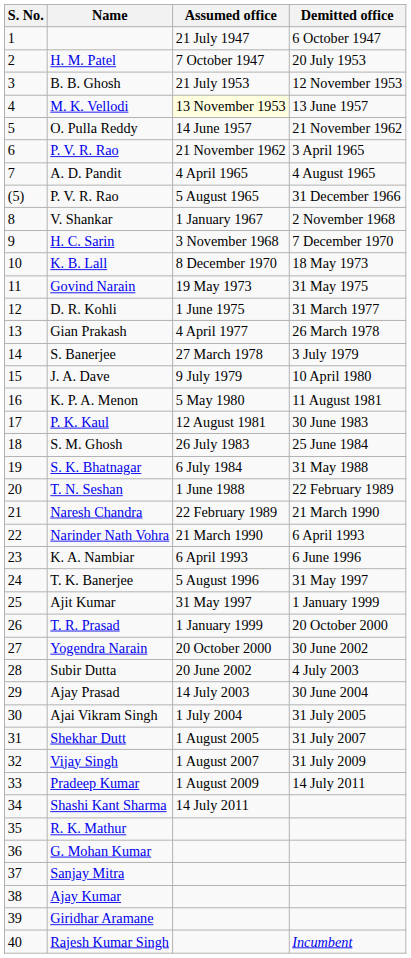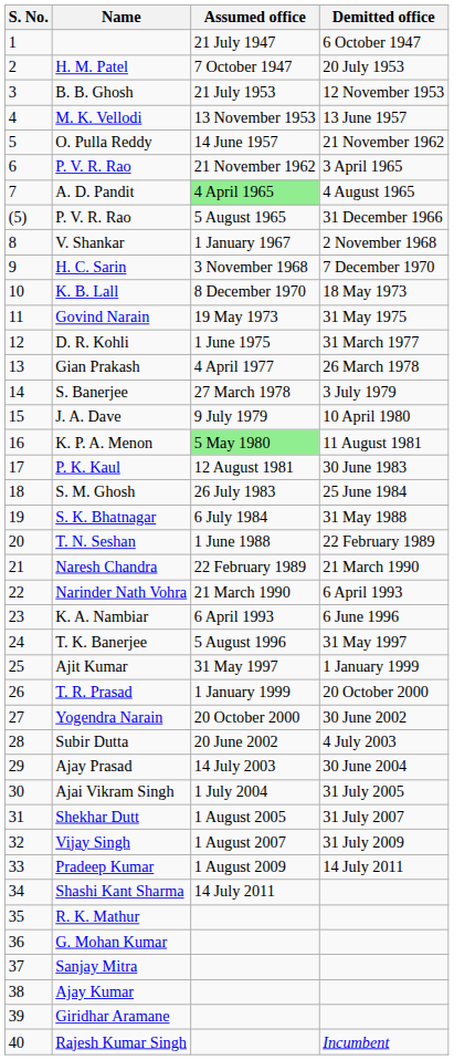 <table class="wikitable sortable mw-collapsible">
 <tr>
 <th>S. No.</th>
 <th>Name</th>
 <th>Assumed office</th>
 <th>Demitted office</th>
 </tr>
 <tr>
 <td>1</td>
 <td></td>
 <td>21 July 1947</td>
 <td>6 October 1947</td>
 </tr>
 <tr>
 <td>2</td>
 <td><a href='#'>H. M. Patel</a></td>
 <td>7 October 1947</td>
 <td>20 July 1953</td>
 </tr>
 <tr>
 <td>3</td>
 <td>B. B. Ghosh</td>
 <td>21 July 1953</td>
 <td>12 November 1953</td>
 </tr>
 <tr>
 <td>4</td>
 <td><a href='#'>M. K. Vellodi</a></td>
-<td style="background: lightyellow;">13 November 1953</td>
+<td>13 November 1953</td>
 <td>13 June 1957</td>
 </tr>
 <tr>
 <td>5</td>
 <td>O. Pulla Reddy</td>
 <td>14 June 1957</td>
 <td>21 November 1962</td>
 </tr>
 <tr>
 <td>6</td>
 <td><a href='#'>P. V. R. Rao</a></td>
 <td>21 November 1962</td>
 <td>3 April 1965</td>
 </tr>
 <tr>
 <td>7</td>
 <td>A. D. Pandit</td>
-<td>4 April 1965</td>
+<td style="background: lightgreen;">4 April 1965</td>
 <td>4 August 1965</td>
 </tr>
 <tr>
 <td>(5)</td>
 <td>P. V. R. Rao</td>
 <td>5 August 1965</td>
 <td>31 December 1966</td>
 </tr>
 <tr>
 <td>8</td>
 <td>V. Shankar</td>
 <td>1 January 1967</td>
 <td>2 November 1968</td>
 </tr>
 <tr>
 <td>9</td>
 <td><a href='#'>H. C. Sarin</a></td>
 <td>3 November 1968</td>
 <td>7 December 1970</td>
 </tr>
 <tr>
 <td>10</td>
 <td><a href='#'>K. B. Lall</a></td>
 <td>8 December 1970</td>
 <td>18 May 1973</td>
 </tr>
 <tr>
 <td>11</td>
 <td><a href='#'>Govind Narain</a></td>
 <td>19 May 1973</td>
 <td>31 May 1975</td>
 </tr>
 <tr>
 <td>12</td>
 <td>D. R. Kohli</td>
 <td>1 June 1975</td>
 <td>31 March 1977</td>
 </tr>
 <tr>
 <td>13</td>
 <td>Gian Prakash</td>
 <td>4 April 1977</td>
 <td>26 March 1978</td>
 </tr>
 <tr>
 <td>14</td>
 <td>S. Banerjee</td>
 <td>27 March 1978</td>
 <td>3 July 1979</td>
 </tr>
 <tr>
 <td>15</td>
 <td>J. A. Dave</td>
 <td>9 July 1979</td>
 <td>10 April 1980</td>
 </tr>
 <tr>
 <td>16</td>
 <td>K. P. A. Menon</td>
-<td>5 May 1980</td>
+<td style="background: lightgreen;">5 May 1980</td>
 <td>11 August 1981</td>
 </tr>
 <tr>
 <td>17</td>
 <td><a href='#'>P. K. Kaul</a></td>
 <td>12 August 1981</td>
 <td>30 June 1983</td>
 </tr>
 <tr>
 <td>18</td>
 <td>S. M. Ghosh</td>
 <td>26 July 1983</td>
 <td>25 June 1984</td>
 </tr>
 <tr>
 <td>19</td>
 <td><a href='#'>S. K. Bhatnagar</a></td>
 <td>6 July 1984</td>
 <td>31 May 1988</td>
 </tr>
 <tr>
 <td>20</td>
 <td><a href='#'>T. N. Seshan</a></td>
 <td>1 June 1988</td>
 <td>22 February 1989</td>
 </tr>
 <tr>
 <td>21</td>
 <td><a href='#'>Naresh Chandra</a></td>
 <td>22 February 1989</td>
 <td>21 March 1990</td>
 </tr>
 <tr>
 <td>22</td>
 <td><a href='#'>Narinder Nath Vohra</a></td>
 <td>21 March 1990</td>
 <td>6 April 1993</td>
 </tr>
 <tr>
 <td>23</td>
 <td>K. A. Nambiar</td>
 <td>6 April 1993</td>
 <td>6 June 1996</td>
 </tr>
 <tr>
 <td>24</td>
 <td>T. K. Banerjee</td>
 <td>5 August 1996</td>
 <td>31 May 1997</td>
 </tr>
 <tr>
 <td>25</td>
 <td>Ajit Kumar</td>
 <td>31 May 1997</td>
 <td>1 January 1999</td>
 </tr>
 <tr>
 <td>26</td>
 <td><a href='#'>T. R. Prasad</a></td>
 <td>1 January 1999</td>
 <td>20 October 2000</td>
 </tr>
 <tr>
 <td>27</td>
 <td><a href='#'>Yogendra Narain</a></td>
 <td>20 October 2000</td>
 <td>30 June 2002</td>
 </tr>
 <tr>
 <td>28</td>
 <td>Subir Dutta</td>
 <td>20 June 2002</td>
 <td>4 July 2003</td>
 </tr>
 <tr>
 <td>29</td>
 <td>Ajay Prasad</td>
 <td>14 July 2003</td>
 <td>30 June 2004</td>
 </tr>
 <tr>
 <td>30</td>
 <td>Ajai Vikram Singh</td>
 <td>1 July 2004</td>
 <td>31 July 2005</td>
 </tr>
 <tr>
 <td>31</td>
 <td><a href='#'>Shekhar Dutt</a></td>
 <td>1 August 2005</td>
 <td>31 July 2007</td>
 </tr>
 <tr>
 <td>32</td>
 <td><a href='#'>Vijay Singh</a></td>
 <td>1 August 2007</td>
 <td>31 July 2009</td>
 </tr>
 <tr>
 <td>33</td>
 <td><a href='#'>Pradeep Kumar</a></td>
 <td>1 August 2009</td>
 <td>14 July 2011</td>
 </tr>
 <tr>
 <td>34</td>
 <td><a href='#'>Shashi Kant Sharma</a></td>
 <td>14 July 2011</td>
 <td></td>
 </tr>
 <tr>
 <td>35</td>
 <td><a href='#'>R. K. Mathur</a></td>
 <td></td>
 <td></td>
 </tr>
 <tr>
 <td>36</td>
 <td><a href='#'>G. Mohan Kumar</a></td>
 <td></td>
 <td></td>
 </tr>
 <tr>
 <td>37</td>
 <td><a href='#'>Sanjay Mitra</a></td>
 <td></td>
 <td></td>
 </tr>
 <tr>
 <td>38</td>
 <td><a href='#'>Ajay Kumar</a></td>
 <td></td>
 <td></td>
 </tr>
 <tr>
 <td>39</td>
 <td><a href='#'>Giridhar Aramane</a></td>
 <td></td>
 <td></td>
 </tr>
 <tr>
 <td>40</td>
 <td><a href='#'>Rajesh Kumar Singh</a></td>
 <td></td>
 <td><em><a href='#'>Incumbent</a></em></td>
 </tr>
 </table>
